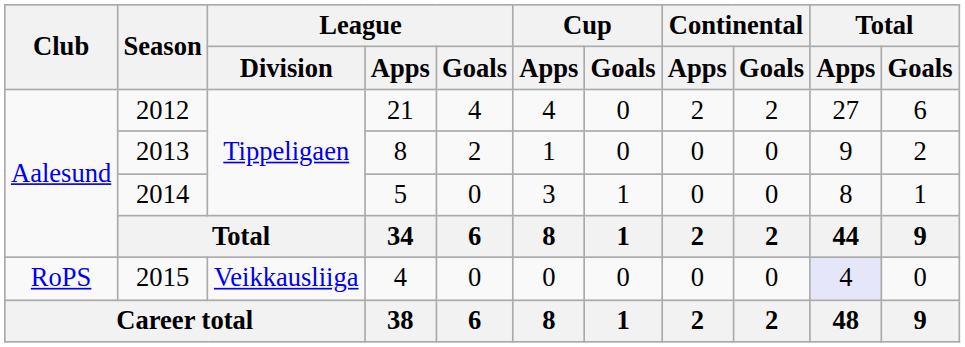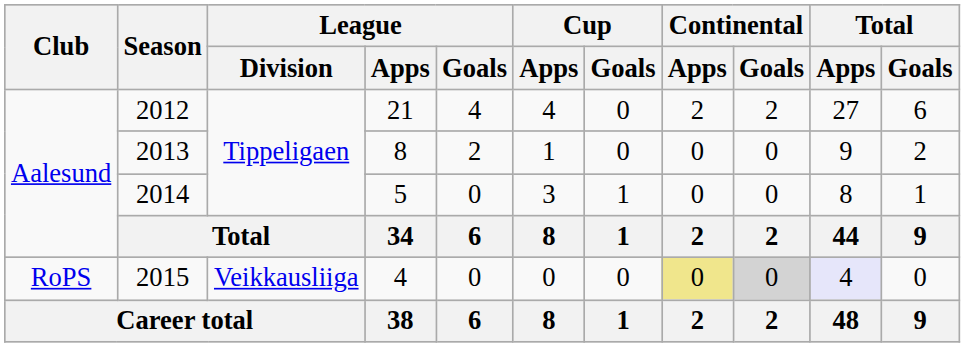 <table class="wikitable" style="text-align:center">
 <tr>
 <th rowspan="2">Club</th>
 <th rowspan="2">Season</th>
 <th colspan="3">League</th>
 <th colspan="2">Cup</th>
 <th colspan="2">Continental</th>
 <th colspan="2">Total</th>
 </tr>
 <tr>
 <th>Division</th>
 <th>Apps</th>
 <th>Goals</th>
 <th>Apps</th>
 <th>Goals</th>
 <th>Apps</th>
 <th>Goals</th>
 <th>Apps</th>
 <th>Goals</th>
 </tr>
 <tr>
 <td rowspan="4"><a href='#'>Aalesund</a></td>
 <td>2012</td>
 <td rowspan="3"><a href='#'>Tippeligaen</a></td>
 <td>21</td>
 <td>4</td>
 <td>4</td>
 <td>0</td>
 <td>2</td>
 <td>2</td>
 <td>27</td>
 <td>6</td>
 </tr>
 <tr>
 <td>2013</td>
 <td>8</td>
 <td>2</td>
 <td>1</td>
 <td>0</td>
 <td>0</td>
 <td>0</td>
 <td>9</td>
 <td>2</td>
 </tr>
 <tr>
 <td>2014</td>
 <td>5</td>
 <td>0</td>
 <td>3</td>
 <td>1</td>
 <td>0</td>
 <td>0</td>
 <td>8</td>
 <td>1</td>
 </tr>
 <tr>
 <th colspan="2">Total</th>
 <th>34</th>
 <th>6</th>
 <th>8</th>
 <th>1</th>
 <th>2</th>
 <th>2</th>
 <th>44</th>
 <th>9</th>
 </tr>
 <tr>
 <td><a href='#'>RoPS</a></td>
 <td>2015</td>
 <td><a href='#'>Veikkausliiga</a></td>
 <td>4</td>
 <td>0</td>
 <td>0</td>
 <td>0</td>
-<td>0</td>
-<td>0</td>
+<td style="background: khaki;">0</td>
+<td style="background: lightgrey;">0</td>
 <td style="background: lavender;">4</td>
 <td>0</td>
 </tr>
 <tr>
 <th colspan="3">Career total</th>
 <th>38</th>
 <th>6</th>
 <th>8</th>
 <th>1</th>
 <th>2</th>
 <th>2</th>
 <th>48</th>
 <th>9</th>
 </tr>
 </table>
